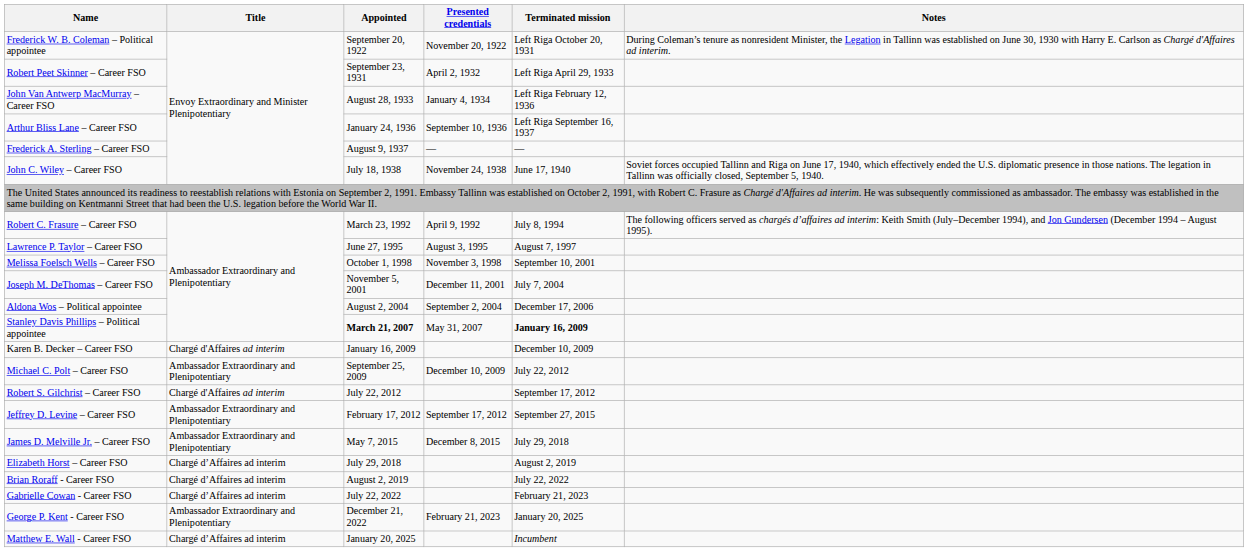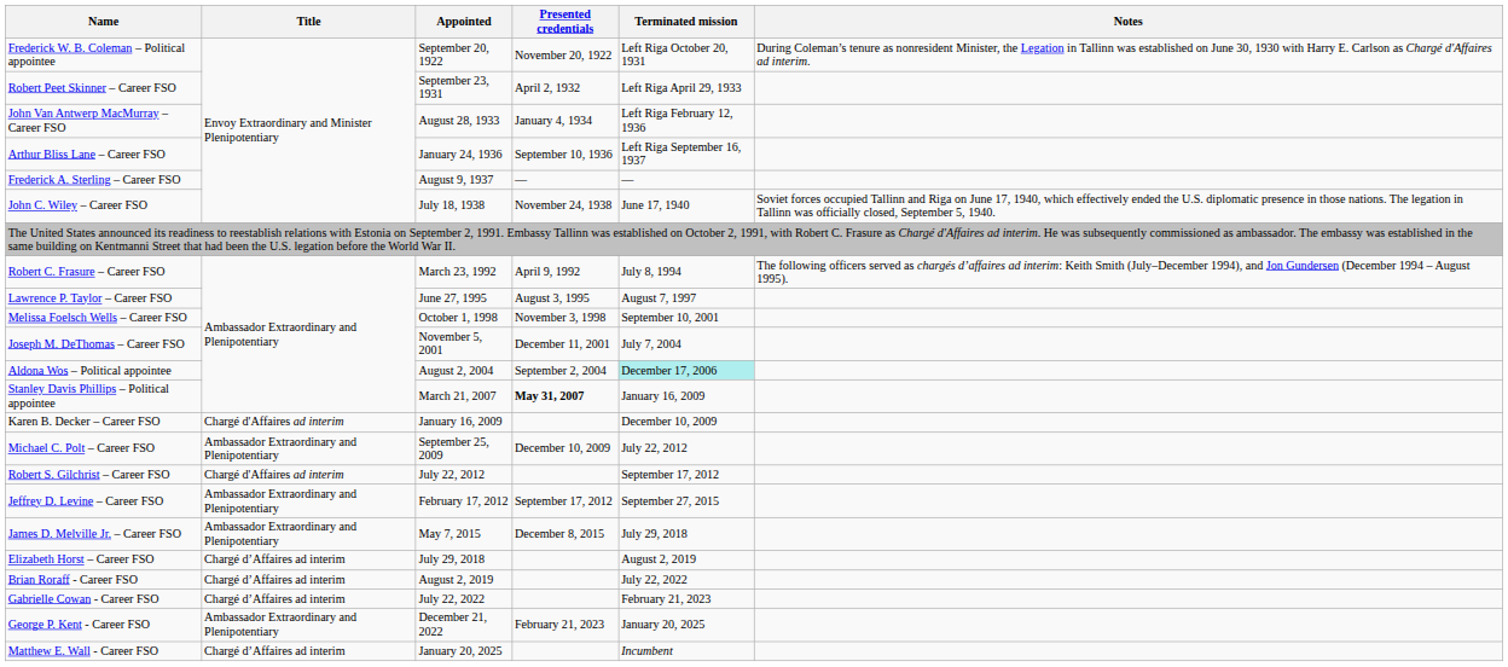 <table class="wikitable">
 <tr>
 <th>Name</th>
 <th>Title</th>
 <th>Appointed</th>
 <th><a href='#'>Presented credentials</a></th>
 <th>Terminated mission</th>
 <th>Notes</th>
 </tr>
 <tr>
 <td><a href='#'>Frederick W. B. Coleman</a> – Political appointee</td>
 <td rowspan="6">Envoy Extraordinary and Minister Plenipotentiary</td>
 <td>September 20, 1922</td>
 <td>November 20, 1922</td>
 <td>Left Riga October 20, 1931</td>
 <td>During Coleman’s tenure as nonresident Minister, the <a href='#'>Legation</a> in Tallinn was established on June 30, 1930 with Harry E. Carlson as <em>Chargé d'Affaires ad interim</em>.</td>
 </tr>
 <tr>
 <td><a href='#'>Robert Peet Skinner</a> – Career FSO</td>
 <td>September 23, 1931</td>
 <td>April 2, 1932</td>
 <td>Left Riga April 29, 1933</td>
 <td></td>
 </tr>
 <tr>
 <td><a href='#'>John Van Antwerp MacMurray</a> – Career FSO</td>
 <td>August 28, 1933</td>
 <td>January 4, 1934</td>
 <td>Left Riga February 12, 1936</td>
 <td></td>
 </tr>
 <tr>
 <td><a href='#'>Arthur Bliss Lane</a> – Career FSO</td>
 <td>January 24, 1936</td>
 <td>September 10, 1936</td>
 <td>Left Riga September 16, 1937</td>
 <td></td>
 </tr>
 <tr>
 <td><a href='#'>Frederick A. Sterling</a> – Career FSO</td>
 <td>August 9, 1937</td>
 <td>—</td>
 <td>—</td>
 <td></td>
 </tr>
 <tr>
 <td><a href='#'>John C. Wiley</a> – Career FSO</td>
 <td>July 18, 1938</td>
 <td>November 24, 1938</td>
 <td>June 17, 1940</td>
 <td>Soviet forces occupied Tallinn and Riga on June 17, 1940, which effectively ended the U.S. diplomatic presence in those nations.  The legation in Tallinn was officially closed, September 5, 1940.</td>
 </tr>
 <tr>
 <td colspan="6" style="background: silver">The United States announced its readiness to reestablish relations with Estonia on September 2, 1991. Embassy Tallinn was established on October 2, 1991, with Robert C. Frasure as <em>Chargé d'Affaires ad interim</em>. He was subsequently commissioned as ambassador. The embassy was established in the same building on Kentmanni Street that had been the U.S. legation before the World War II.</td>
 </tr>
 <tr>
 <td><a href='#'>Robert C. Frasure</a> – Career FSO</td>
 <td rowspan="6">Ambassador Extraordinary and Plenipotentiary</td>
 <td>March 23, 1992</td>
 <td>April 9, 1992</td>
 <td>July 8, 1994</td>
 <td>The following officers served as <em>chargés d’affaires ad interim</em>: Keith Smith (July–December 1994), and <a href='#'>Jon Gundersen</a> (December 1994 – August 1995).</td>
 </tr>
 <tr>
 <td><a href='#'>Lawrence P. Taylor</a> – Career FSO</td>
 <td>June 27, 1995</td>
 <td>August 3, 1995</td>
 <td>August 7, 1997</td>
 <td></td>
 </tr>
 <tr>
 <td><a href='#'>Melissa Foelsch Wells</a> – Career FSO</td>
 <td>October 1, 1998</td>
 <td>November 3, 1998</td>
 <td>September 10, 2001</td>
 <td></td>
 </tr>
 <tr>
 <td><a href='#'>Joseph M. DeThomas</a> – Career FSO</td>
 <td>November 5, 2001</td>
 <td>December 11, 2001</td>
 <td>July 7, 2004</td>
 <td></td>
 </tr>
 <tr>
 <td><a href='#'>Aldona Wos</a> – Political appointee</td>
 <td>August 2, 2004</td>
 <td>September 2, 2004</td>
-<td>December 17, 2006</td>
+<td style="background: paleturquoise;">December 17, 2006</td>
 <td></td>
 </tr>
 <tr>
 <td><a href='#'>Stanley Davis Phillips</a> – Political appointee</td>
-<td><strong>March 21, 2007</strong></td>
-<td>May 31, 2007</td>
-<td><strong>January 16, 2009</strong></td>
+<td>March 21, 2007</td>
+<td><strong>May 31, 2007</strong></td>
+<td>January 16, 2009</td>
 <td></td>
 </tr>
 <tr>
 <td>Karen B. Decker – Career FSO</td>
 <td>Chargé d'Affaires <em>ad interim</em></td>
 <td>January 16, 2009</td>
 <td></td>
 <td>December 10, 2009</td>
 <td></td>
 </tr>
 <tr>
 <td><a href='#'>Michael C. Polt</a> – Career FSO</td>
 <td>Ambassador Extraordinary and Plenipotentiary</td>
 <td>September 25, 2009</td>
 <td>December 10, 2009</td>
 <td>July 22, 2012</td>
 <td></td>
 </tr>
 <tr>
 <td><a href='#'>Robert S. Gilchrist</a> – Career FSO</td>
 <td>Chargé d'Affaires <em>ad interim</em></td>
 <td>July 22, 2012</td>
 <td></td>
 <td>September 17, 2012</td>
 <td></td>
 </tr>
 <tr>
 <td><a href='#'>Jeffrey D. Levine</a> – Career FSO</td>
 <td>Ambassador Extraordinary and Plenipotentiary</td>
 <td>February 17, 2012</td>
 <td>September 17, 2012</td>
 <td>September 27, 2015</td>
 <td></td>
 </tr>
 <tr>
 <td><a href='#'>James D. Melville Jr.</a> – Career FSO</td>
 <td>Ambassador Extraordinary and Plenipotentiary</td>
 <td>May 7, 2015</td>
 <td>December 8, 2015</td>
 <td>July 29, 2018</td>
 <td></td>
 </tr>
 <tr>
 <td><a href='#'>Elizabeth Horst</a> – Career FSO</td>
 <td>Chargé d’Affaires ad interim</td>
 <td>July 29, 2018</td>
 <td></td>
 <td>August 2, 2019</td>
 <td></td>
 </tr>
 <tr>
 <td><a href='#'>Brian Roraff</a> - Career FSO</td>
 <td>Chargé d’Affaires ad interim</td>
 <td>August 2, 2019</td>
 <td></td>
 <td>July 22, 2022</td>
 <td></td>
 </tr>
 <tr>
 <td><a href='#'>Gabrielle Cowan</a> - Career FSO</td>
 <td>Chargé d’Affaires ad interim</td>
 <td>July 22, 2022</td>
 <td></td>
 <td>February 21, 2023</td>
 <td></td>
 </tr>
 <tr>
 <td><a href='#'>George P. Kent</a> - Career FSO</td>
 <td>Ambassador Extraordinary and Plenipotentiary</td>
 <td>December 21, 2022</td>
 <td>February 21, 2023</td>
 <td>January 20, 2025</td>
 <td></td>
 </tr>
 <tr>
 <td><a href='#'>Matthew E. Wall</a> - Career FSO</td>
 <td>Chargé d’Affaires ad interim</td>
 <td>January 20, 2025</td>
 <td></td>
 <td><em>Incumbent</em></td>
 <td></td>
 </tr>
 </table>
